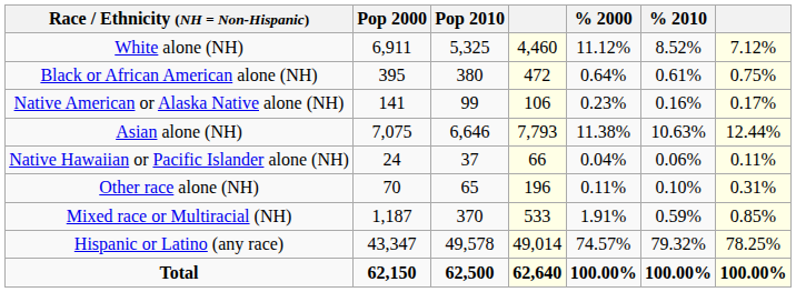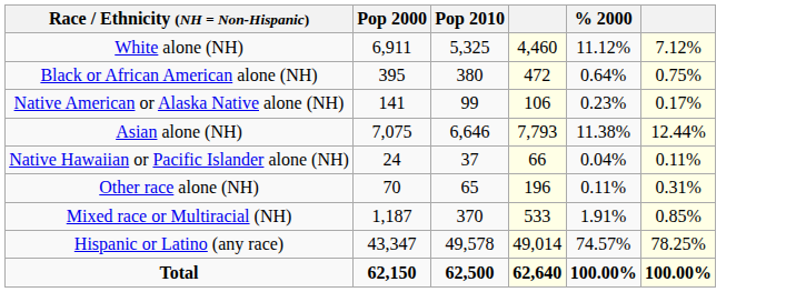 <table class="wikitable" style="text-align:center;">
 <tr>
 <th>Race / Ethnicity <small>(<em>NH = Non-Hispanic</em>)</small></th>
 <th>Pop 2000</th>
 <th>Pop 2010</th>
 <th></th>
 <th>% 2000</th>
-<th>% 2010</th>
 <th></th>
 </tr>
 <tr>
 <td><a href='#'>White</a> alone (NH)</td>
 <td>6,911</td>
 <td>5,325</td>
 <td style='background: #ffffe6;'>4,460</td>
 <td>11.12%</td>
-<td>8.52%</td>
 <td style='background: #ffffe6;'>7.12%</td>
 </tr>
 <tr>
 <td><a href='#'>Black or African American</a> alone (NH)</td>
 <td>395</td>
 <td>380</td>
 <td style='background: #ffffe6;'>472</td>
 <td>0.64%</td>
-<td>0.61%</td>
 <td style='background: #ffffe6;'>0.75%</td>
 </tr>
 <tr>
 <td><a href='#'>Native American</a> or <a href='#'>Alaska Native</a> alone (NH)</td>
 <td>141</td>
 <td>99</td>
 <td style='background: #ffffe6;'>106</td>
 <td>0.23%</td>
-<td>0.16%</td>
 <td style='background: #ffffe6;'>0.17%</td>
 </tr>
 <tr>
 <td><a href='#'>Asian</a> alone (NH)</td>
 <td>7,075</td>
 <td>6,646</td>
 <td style='background: #ffffe6;'>7,793</td>
 <td>11.38%</td>
-<td>10.63%</td>
 <td style='background: #ffffe6;'>12.44%</td>
 </tr>
 <tr>
 <td><a href='#'>Native Hawaiian</a> or <a href='#'>Pacific Islander</a> alone (NH)</td>
 <td>24</td>
 <td>37</td>
 <td style='background: #ffffe6;'>66</td>
 <td>0.04%</td>
-<td>0.06%</td>
 <td style='background: #ffffe6;'>0.11%</td>
 </tr>
 <tr>
 <td><a href='#'>Other race</a> alone (NH)</td>
 <td>70</td>
 <td>65</td>
 <td style='background: #ffffe6;'>196</td>
 <td>0.11%</td>
-<td>0.10%</td>
 <td style='background: #ffffe6;'>0.31%</td>
 </tr>
 <tr>
 <td><a href='#'>Mixed race or Multiracial</a> (NH)</td>
 <td>1,187</td>
 <td>370</td>
 <td style='background: #ffffe6;'>533</td>
 <td>1.91%</td>
-<td>0.59%</td>
 <td style='background: #ffffe6;'>0.85%</td>
 </tr>
 <tr>
 <td><a href='#'>Hispanic or Latino</a> (any race)</td>
 <td>43,347</td>
 <td>49,578</td>
 <td style='background: #ffffe6;'>49,014</td>
 <td>74.57%</td>
-<td>79.32%</td>
 <td style='background: #ffffe6;'>78.25%</td>
 </tr>
 <tr>
 <td><strong>Total</strong></td>
 <td><strong>62,150</strong></td>
 <td><strong>62,500</strong></td>
 <td style='background: #ffffe6;'><strong>62,640</strong></td>
 <td><strong>100.00%</strong></td>
-<td><strong>100.00%</strong></td>
 <td style='background: #ffffe6;'><strong>100.00%</strong></td>
 </tr>
 </table>
